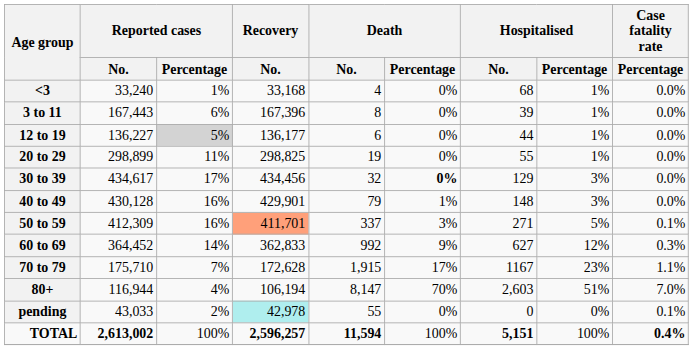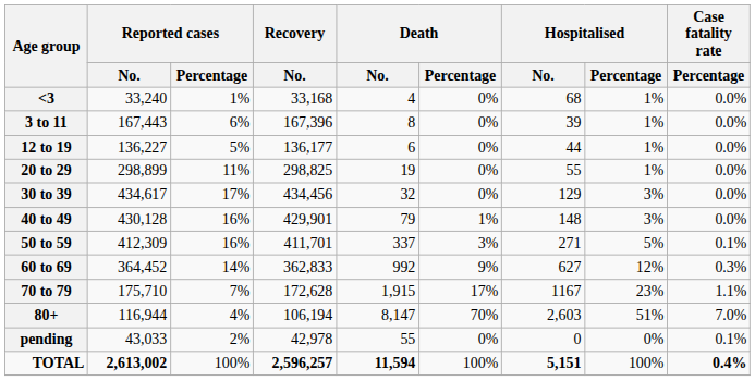 <table class="wikitable" style="text-align:right;">
 <tr>
 <th scope="col" rowspan="2" style=width:5em>Age group</th>
 <th scope="colgroup" colspan="2">Reported cases</th>
 <th scope="col">Recovery</th>
 <th scope="colgroup" colspan="2">Death</th>
 <th scope="colgroup" colspan="2">Hospitalised</th>
 <th scope="col">Case fatality rate</th>
 </tr>
 <tr>
 <th scope="col" style=width:5em>No.</th>
 <th scope="col" style=width:5em>Percentage</th>
 <th scope="col" style=width:5em>No.</th>
 <th scope="col" style=width:5em>No.</th>
 <th scope="col" style=width:5em>Percentage</th>
 <th scope="col" style=width:5em>No.</th>
 <th scope="col" style=width:5em>Percentage</th>
 <th scope="col" style=width:5em>Percentage</th>
 </tr>
 <tr>
 <th scope="row"><3</th>
 <td>33,240</td>
 <td>1%</td>
 <td>33,168</td>
 <td>4</td>
 <td>0%</td>
 <td>68</td>
 <td>1%</td>
 <td>0.0%</td>
 </tr>
 <tr>
 <th scope="row">3 to 11</th>
 <td>167,443</td>
 <td>6%</td>
 <td>167,396</td>
 <td>8</td>
 <td>0%</td>
 <td>39</td>
 <td>1%</td>
 <td>0.0%</td>
 </tr>
 <tr>
 <th scope="row">12 to 19</th>
 <td>136,227</td>
-<td style="background: lightgrey;">5%</td>
+<td>5%</td>
 <td>136,177</td>
 <td>6</td>
 <td>0%</td>
 <td>44</td>
 <td>1%</td>
 <td>0.0%</td>
 </tr>
 <tr>
 <th scope="row">20 to 29</th>
 <td>298,899</td>
 <td>11%</td>
 <td>298,825</td>
 <td>19</td>
 <td>0%</td>
 <td>55</td>
 <td>1%</td>
 <td>0.0%</td>
 </tr>
 <tr>
 <th scope="row">30 to 39</th>
 <td>434,617</td>
 <td>17%</td>
 <td>434,456</td>
 <td>32</td>
-<td><strong>0%</strong></td>
+<td>0%</td>
 <td>129</td>
 <td>3%</td>
 <td>0.0%</td>
 </tr>
 <tr>
 <th scope="row">40 to 49</th>
 <td>430,128</td>
 <td>16%</td>
 <td>429,901</td>
 <td>79</td>
 <td>1%</td>
 <td>148</td>
 <td>3%</td>
 <td>0.0%</td>
 </tr>
 <tr>
 <th scope="row">50 to 59</th>
 <td>412,309</td>
 <td>16%</td>
-<td style="background: lightsalmon;">411,701</td>
+<td>411,701</td>
 <td>337</td>
 <td>3%</td>
 <td>271</td>
 <td>5%</td>
 <td>0.1%</td>
 </tr>
 <tr>
 <th scope="row">60 to 69</th>
 <td>364,452</td>
 <td>14%</td>
 <td>362,833</td>
 <td>992</td>
 <td>9%</td>
 <td>627</td>
 <td>12%</td>
 <td>0.3%</td>
 </tr>
 <tr>
 <th scope="row">70 to 79</th>
 <td>175,710</td>
 <td>7%</td>
 <td>172,628</td>
 <td>1,915</td>
 <td>17%</td>
 <td>1167</td>
 <td>23%</td>
 <td>1.1%</td>
 </tr>
 <tr>
 <th scope="row">80+</th>
 <td>116,944</td>
 <td>4%</td>
 <td>106,194</td>
 <td>8,147</td>
 <td>70%</td>
 <td>2,603</td>
 <td>51%</td>
 <td>7.0%</td>
 </tr>
 <tr>
 <th scope="row">pending</th>
 <td>43,033</td>
 <td>2%</td>
-<td style="background: paleturquoise;">42,978</td>
+<td>42,978</td>
 <td>55</td>
 <td>0%</td>
 <td>0</td>
 <td>0%</td>
 <td>0.1%</td>
 </tr>
 <tr>
 <td><strong>TOTAL</strong></td>
 <td><strong>2,613,002</strong></td>
 <td>100%</td>
 <td><strong>2,596,257</strong></td>
 <td><strong>11,594</strong></td>
 <td>100%</td>
 <td><strong>5,151</strong></td>
 <td>100%</td>
 <td><strong>0.4%</strong></td>
 </tr>
 <tr>
 </tr>
 </table>
